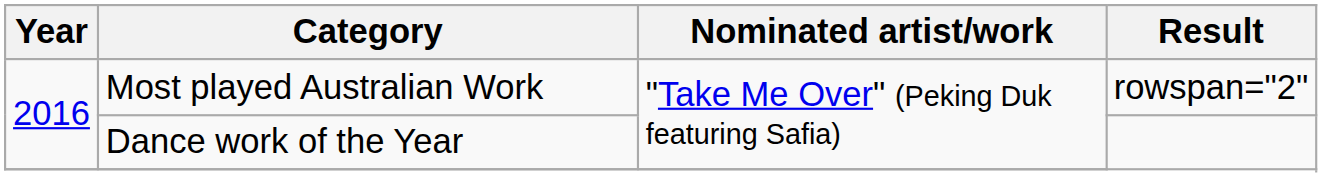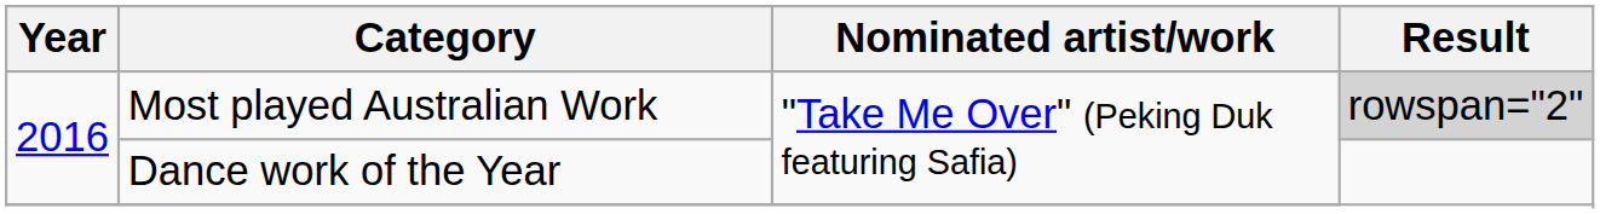 <table class="wikitable">
 <tr>
 <th width=4% align="center">Year</th>
 <th width=47%>Category</th>
 <th width=40%>Nominated artist/work</th>
 <th width=9%>Result</th>
 </tr>
 <tr>
 <td rowspan="2"><a href='#'>2016</a></td>
 <td>Most played Australian Work</td>
 <td rowspan="2">"<a href='#'>Take Me Over</a>" <small>(Peking Duk featuring Safia)</small></td>
-<td>rowspan="2" </td>
+<td style="background: lightgrey;">rowspan="2" </td>
 </tr>
 <tr>
 <td>Dance work of the Year</td>
 </tr>
 <tr>
 </tr>
 </table>
